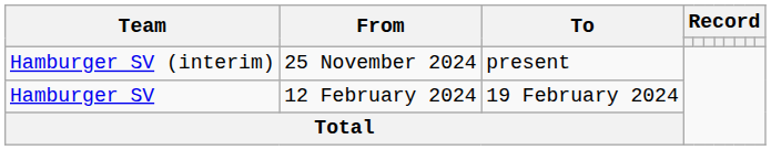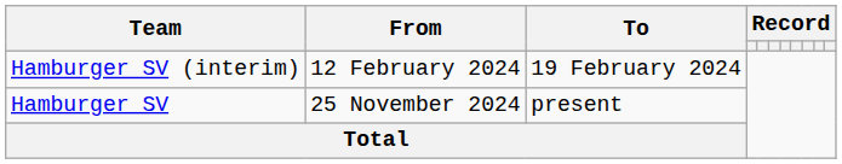 <table class="wikitable" style="text-align: center">
 <tr>
 <th rowspan="2">Team</th>
 <th rowspan="2">From</th>
 <th rowspan="2">To</th>
 <th colspan="8">Record</th>
 </tr>
 <tr>
 <th></th>
 <th></th>
 <th></th>
 <th></th>
 <th></th>
 <th></th>
 <th></th>
 <th></th>
 </tr>
 <tr>
 <td align=left><a href='#'>Hamburger SV</a> (interim)</td>
-<td align=left>25 November 2024</td>
-<td align=left>present<br></td>
+<td align=left>12 February 2024</td>
+<td align=left>19 February 2024<br></td>
 </tr>
 <tr>
 <td align=left><a href='#'>Hamburger SV</a></td>
-<td align=left>12 February 2024</td>
-<td align=left>19 February 2024<br></td>
+<td align=left>25 November 2024</td>
+<td align=left>present<br></td>
 </tr>
 <tr>
 <th colspan="3">Total<br></th>
 </tr>
 </table>
